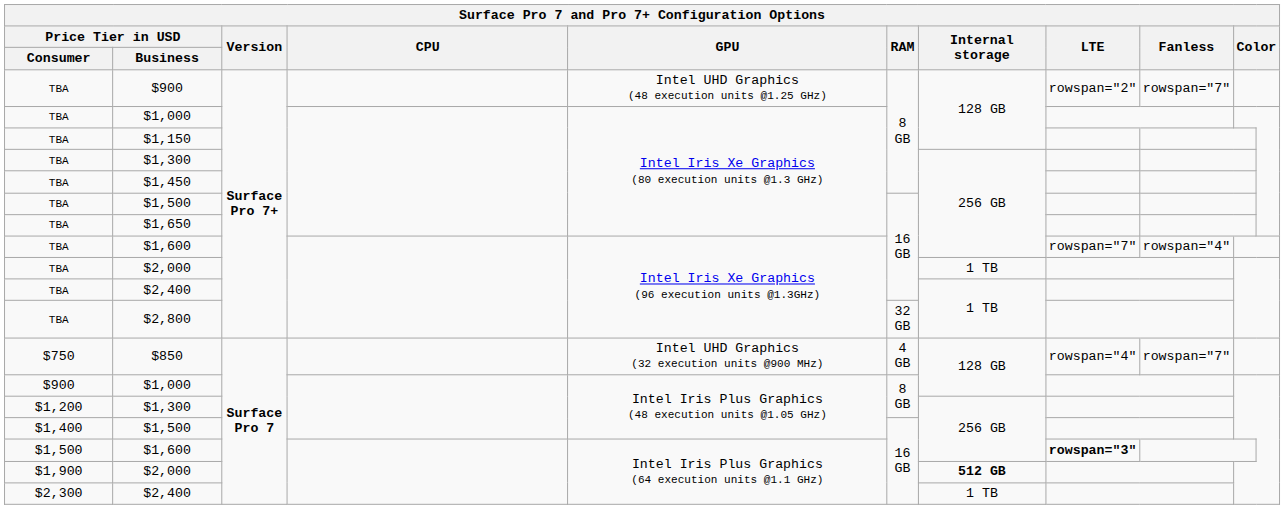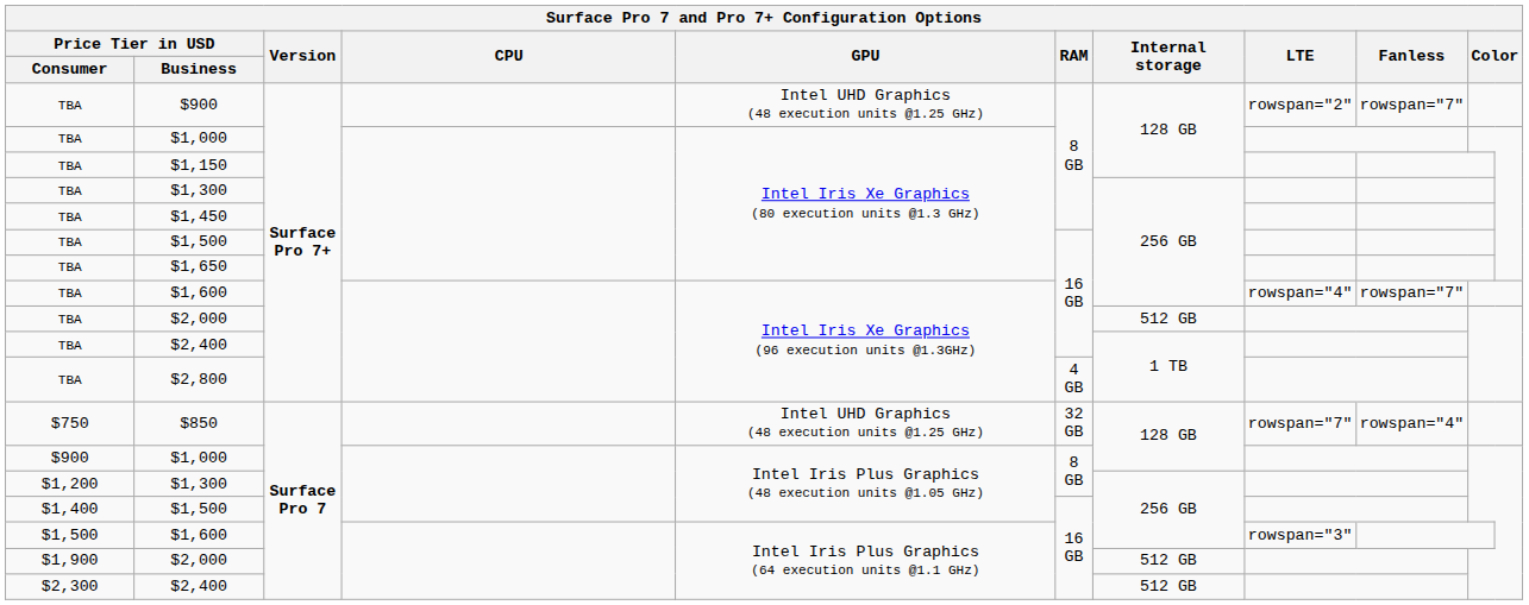 <table class="wikitable sortable" style="text-align:center;" align="center" text-align="center">
 <tr>
 <th colspan="11">Surface Pro 7 and Pro 7+ Configuration Options</th>
 </tr>
 <tr>
 <th colspan="2" scope="col" width="17%">Price Tier in USD</th>
 <th rowspan="2" scope="col">Version</th>
 <th rowspan="2" scope="col" width="22%">CPU</th>
 <th rowspan="2" scope="col" width="25%">GPU</th>
 <th rowspan="2" scope="col">RAM</th>
 <th rowspan="2" scope="col" width="10%">Internal storage</th>
 <th rowspan="2">LTE</th>
 <th rowspan="2">Fanless</th>
 <th colspan="2" rowspan="2">Color</th>
 </tr>
 <tr>
 <th>Consumer</th>
 <th>Business</th>
 </tr>
 <tr>
 <td><small>TBA</small></td>
 <td>$900</td>
 <td rowspan="11"><strong>Surface Pro 7+</strong></td>
 <td></td>
 <td>Intel UHD Graphics<br><small>(48 execution units @1.25 GHz)</small></td>
 <td rowspan="5">8 GB</td>
 <td rowspan="3">128 GB</td>
 <td>rowspan="2" </td>
 <td>rowspan="7" </td>
 <td style="border-style: solid none solid solid"></td>
 <td style="border-style: solid solid solid none"></td>
 </tr>
 <tr>
 <td><small>TBA</small></td>
 <td>$1,000</td>
 <td rowspan="6"></td>
 <td rowspan="6"><a href='#'>Intel Iris Xe Graphics</a><br><small>(80 execution units @1.3 GHz)</small></td>
 <td style="border-style: solid none solid solid"></td>
 <td style="border-style: solid solid solid none"></td>
 </tr>
 <tr>
 <td><small>TBA</small></td>
 <td>$1,150</td>
 <td></td>
 <td style="border-style: solid none solid solid"></td>
 <td style="border-style: solid solid solid none"></td>
 </tr>
 <tr>
 <td><small>TBA</small></td>
 <td>$1,300</td>
 <td rowspan="5">256 GB</td>
 <td></td>
 <td style="border-style: solid none solid solid"></td>
 <td style="border-style: solid solid solid none"></td>
 </tr>
 <tr>
 <td><small>TBA</small></td>
 <td>$1,450</td>
 <td></td>
 <td style="border-style: solid none solid solid"></td>
 <td style="border-style: solid solid solid none"></td>
 </tr>
 <tr>
 <td><small>TBA</small></td>
 <td>$1,500</td>
 <td rowspan="5">16 GB</td>
 <td></td>
 <td style="border-style: solid none solid solid"></td>
 <td style="border-style: solid solid solid none"></td>
 </tr>
 <tr>
 <td><small>TBA</small></td>
 <td>$1,650</td>
 <td></td>
 <td style="border-style: solid none solid solid"></td>
 <td style="border-style: solid solid solid none"></td>
 </tr>
 <tr>
 <td><small>TBA</small></td>
 <td>$1,600</td>
 <td rowspan="4"></td>
 <td rowspan="4"><a href='#'>Intel Iris Xe Graphics</a><br><small>(96 execution units @1.3GHz)</small></td>
-<td>rowspan="7"  </td>
 <td>rowspan="4"  </td>
+<td>rowspan="7" </td>
 <td style="border-style: solid none solid solid"></td>
 <td style="border-style: solid solid solid none"></td>
 </tr>
 <tr>
 <td><small>TBA</small></td>
 <td>$2,000</td>
-<td>1 TB</td>
+<td>512 GB</td>
 <td style="border-style: solid none solid solid"></td>
 <td style="border-style: solid solid solid none"></td>
 </tr>
 <tr>
 <td><small>TBA</small></td>
 <td>$2,400</td>
 <td rowspan="2">1 TB</td>
 <td style="border-style: solid none solid solid"></td>
 <td style="border-style: solid solid solid none"></td>
 </tr>
 <tr>
 <td><small>TBA</small></td>
 <td>$2,800</td>
-<td>32 GB</td>
+<td>4 GB</td>
 <td style="border-style: solid none solid solid"></td>
 <td style="border-style: solid solid solid none"></td>
 </tr>
 <tr>
 <td>$750</td>
 <td>$850</td>
 <td rowspan="7"><strong>Surface Pro 7</strong></td>
 <td></td>
-<td>Intel UHD Graphics<br><small>(32 execution units @900 MHz)</small></td>
-<td>4 GB</td>
+<td>Intel UHD Graphics<br><small>(48 execution units @1.25 GHz)</small></td>
+<td>32 GB</td>
 <td rowspan="2">128 GB</td>
+<td>rowspan="7"  </td>
 <td>rowspan="4"  </td>
-<td>rowspan="7" </td>
 <td style="border-style: solid none solid solid"></td>
 <td style="border-style: solid solid solid none"></td>
 </tr>
 <tr>
 <td>$900</td>
 <td>$1,000</td>
 <td rowspan="3"></td>
 <td rowspan="3">Intel Iris Plus Graphics<br> <small>(48 execution units @1.05 GHz)</small></td>
 <td rowspan="2">8 GB</td>
 <td style="border-style: solid none solid solid"></td>
 <td style="border-style: solid solid solid none"></td>
 </tr>
 <tr>
 <td>$1,200</td>
 <td>$1,300</td>
 <td rowspan="3">256 GB</td>
 <td style="border-style: solid none solid solid"></td>
 <td style="border-style: solid solid solid none"></td>
 </tr>
 <tr>
 <td>$1,400</td>
 <td>$1,500</td>
 <td rowspan="4">16 GB</td>
 <td style="border-style: solid none solid solid"></td>
 <td style="border-style: solid solid solid none"></td>
 </tr>
 <tr>
 <td>$1,500</td>
 <td>$1,600</td>
 <td rowspan="3"></td>
 <td rowspan="3">Intel Iris Plus Graphics<br> <small>(64 execution units @1.1 GHz)</small></td>
-<td><strong>rowspan="3"  </strong></td>
+<td>rowspan="3"  </td>
 <td style="border-style: solid none solid solid"></td>
 <td style="border-style: solid solid solid none"></td>
 </tr>
 <tr>
 <td>$1,900</td>
 <td>$2,000</td>
-<td><strong>512 GB</strong></td>
+<td>512 GB</td>
 <td style="border-style: solid none solid solid"></td>
 <td style="border-style: solid solid solid none"></td>
 </tr>
 <tr>
 <td>$2,300</td>
 <td>$2,400</td>
-<td>1 TB</td>
+<td>512 GB</td>
 <td style="border-style: solid none solid solid"></td>
 <td style="border-style: solid solid solid none"></td>
 </tr>
 </table>
